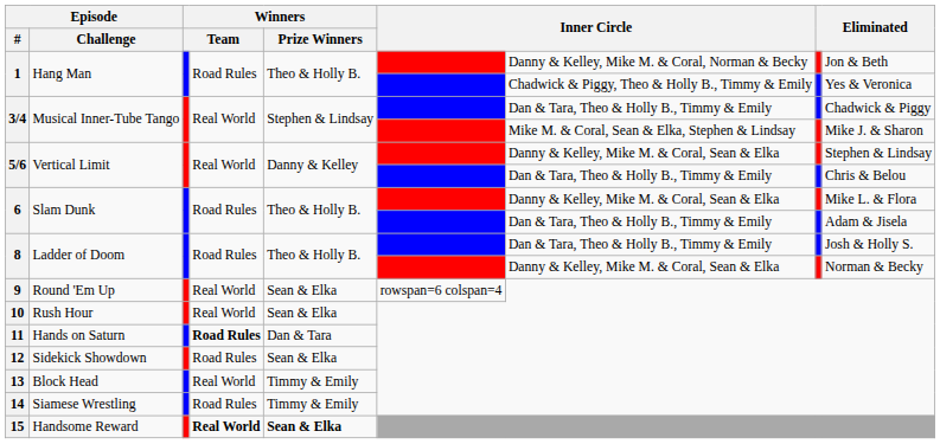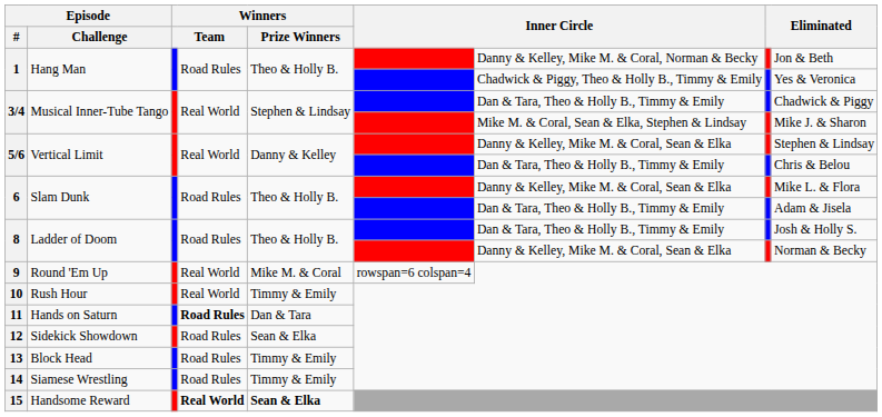 <table class="wikitable" style="font-size:90%; white-space:nowrap">
 <tr>
 <th colspan=2>Episode</th>
 <th colspan=3>Winners</th>
 <th rowspan=2 colspan=2>Inner Circle</th>
 <th rowspan=2 colspan=2>Eliminated</th>
 </tr>
 <tr>
 <th>#</th>
 <th>Challenge</th>
 <th colspan=2>Team</th>
 <th>Prize Winners</th>
 </tr>
 <tr>
 <th rowspan=2>1</th>
 <td rowspan=2>Hang Man</td>
 <td bgcolor="blue" rowspan=2></td>
 <td rowspan=2>Road Rules</td>
 <td rowspan=2>Theo & Holly B.</td>
 <td bgcolor="red"></td>
 <td>Danny & Kelley, Mike M. & Coral, Norman & Becky</td>
 <td bgcolor="red"></td>
 <td>Jon & Beth</td>
 </tr>
 <tr>
 <td bgcolor="blue"></td>
 <td>Chadwick & Piggy, Theo & Holly B., Timmy & Emily</td>
 <td bgcolor="blue"></td>
 <td>Yes & Veronica</td>
 </tr>
 <tr>
 <th rowspan=2>3/4</th>
 <td rowspan=2>Musical Inner-Tube Tango</td>
 <td bgcolor="red" rowspan=2></td>
 <td rowspan=2>Real World</td>
 <td rowspan=2>Stephen & Lindsay</td>
 <td bgcolor="blue"></td>
 <td>Dan & Tara, Theo & Holly B., Timmy & Emily</td>
 <td bgcolor="blue"></td>
 <td>Chadwick & Piggy</td>
 </tr>
 <tr>
 <td bgcolor="red"></td>
 <td>Mike M. & Coral, Sean & Elka, Stephen & Lindsay</td>
 <td bgcolor="red"></td>
 <td>Mike J. & Sharon</td>
 </tr>
 <tr>
 <th rowspan=2>5/6</th>
 <td rowspan=2>Vertical Limit</td>
 <td bgcolor="red" rowspan=2></td>
 <td rowspan=2>Real World</td>
 <td rowspan=2>Danny & Kelley</td>
 <td bgcolor="red"></td>
 <td>Danny & Kelley, Mike M. & Coral, Sean & Elka</td>
 <td bgcolor="red"></td>
 <td>Stephen & Lindsay</td>
 </tr>
 <tr>
 <td bgcolor="blue"></td>
 <td>Dan & Tara, Theo & Holly B., Timmy & Emily</td>
 <td bgcolor="blue"></td>
 <td>Chris & Belou</td>
 </tr>
 <tr>
 <th rowspan=2>6</th>
 <td rowspan=2>Slam Dunk</td>
 <td bgcolor="blue" rowspan=2></td>
 <td rowspan=2>Road Rules</td>
 <td rowspan=2>Theo & Holly B.</td>
 <td bgcolor="red"></td>
 <td>Danny & Kelley, Mike M. & Coral, Sean & Elka</td>
 <td bgcolor="red"></td>
 <td>Mike L. & Flora</td>
 </tr>
 <tr>
 <td bgcolor="blue"></td>
 <td>Dan & Tara, Theo & Holly B., Timmy & Emily</td>
 <td bgcolor="blue"></td>
 <td>Adam & Jisela</td>
 </tr>
 <tr>
 <th rowspan=2>8</th>
 <td rowspan=2>Ladder of Doom</td>
 <td bgcolor="blue" rowspan=2></td>
 <td rowspan=2>Road Rules</td>
 <td rowspan=2>Theo & Holly B.</td>
 <td bgcolor="blue"></td>
 <td>Dan & Tara, Theo & Holly B., Timmy & Emily</td>
 <td bgcolor="blue"></td>
 <td>Josh & Holly S.</td>
 </tr>
 <tr>
 <td bgcolor="red"></td>
 <td>Danny & Kelley, Mike M. & Coral, Sean & Elka</td>
 <td bgcolor="red"></td>
 <td>Norman & Becky</td>
 </tr>
 <tr>
 <th>9</th>
 <td>Round 'Em Up</td>
 <td bgcolor="red"></td>
 <td>Real World</td>
-<td>Sean & Elka</td>
+<td>Mike M. & Coral</td>
 <td>rowspan=6 colspan=4 </td>
 </tr>
 <tr>
 <th>10</th>
 <td>Rush Hour</td>
 <td bgcolor="red"></td>
 <td>Real World</td>
-<td>Sean & Elka</td>
+<td>Timmy & Emily</td>
 </tr>
 <tr>
 <th>11</th>
 <td>Hands on Saturn</td>
 <td bgcolor="blue"></td>
 <td><strong>Road Rules</strong></td>
 <td>Dan & Tara</td>
 </tr>
 <tr>
 <th>12</th>
 <td>Sidekick Showdown</td>
 <td bgcolor="red"></td>
 <td>Road Rules</td>
 <td>Sean & Elka</td>
 </tr>
 <tr>
 <th>13</th>
 <td>Block Head</td>
 <td bgcolor="blue"></td>
-<td>Real World</td>
+<td>Road Rules</td>
 <td>Timmy & Emily</td>
 </tr>
 <tr>
 <th>14</th>
 <td>Siamese Wrestling</td>
 <td bgcolor="blue"></td>
 <td>Road Rules</td>
 <td>Timmy & Emily</td>
 </tr>
 <tr>
 <th>15</th>
 <td>Handsome Reward</td>
 <td bgcolor="red"></td>
 <td><strong>Real World</strong></td>
 <td><strong>Sean & Elka</strong></td>
 <td bgcolor="darkgray" colspan=4></td>
 </tr>
 </table>
